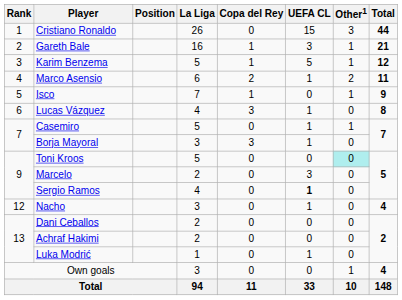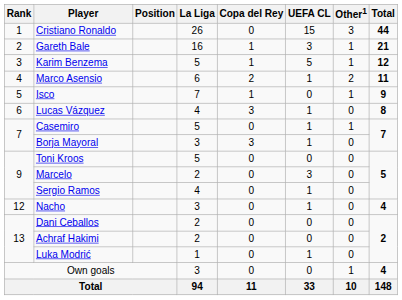 <table class="wikitable">
 <tr>
 <th>Rank</th>
 <th style="width:150px;">Player</th>
 <th>Position</th>
 <th>La Liga</th>
 <th>Copa del Rey</th>
 <th>UEFA CL</th>
 <th>Other<sup>1</sup></th>
 <th>Total</th>
 </tr>
 <tr>
 <td align=center>1</td>
 <td> <a href='#'>Cristiano Ronaldo</a></td>
 <td align=center></td>
 <td align=center>26</td>
 <td align=center>0</td>
 <td align=center>15</td>
 <td align=center>3</td>
 <td align=center><strong>44</strong></td>
 </tr>
 <tr>
 <td align=center>2</td>
 <td> <a href='#'>Gareth Bale</a></td>
 <td align=center></td>
 <td align=center>16</td>
 <td align=center>1</td>
 <td align=center>3</td>
 <td align=center>1</td>
 <td align=center><strong>21</strong></td>
 </tr>
 <tr>
 <td align=center>3</td>
 <td> <a href='#'>Karim Benzema</a></td>
 <td align=center></td>
 <td align=center>5</td>
 <td align=center>1</td>
 <td align=center>5</td>
 <td align=center>1</td>
 <td align=center><strong>12</strong></td>
 </tr>
 <tr>
 <td align=center>4</td>
 <td> <a href='#'>Marco Asensio</a></td>
 <td align=center></td>
 <td align=center>6</td>
 <td align=center>2</td>
 <td align=center>1</td>
 <td align=center>2</td>
 <td align=center><strong>11</strong></td>
 </tr>
 <tr>
 <td align=center>5</td>
 <td> <a href='#'>Isco</a></td>
 <td align=center></td>
 <td align=center>7</td>
 <td align=center>1</td>
 <td align=center>0</td>
 <td align=center>1</td>
 <td align=center><strong>9</strong></td>
 </tr>
 <tr>
 <td align=center>6</td>
 <td> <a href='#'>Lucas Vázquez</a></td>
 <td align=center></td>
 <td align=center>4</td>
 <td align=center>3</td>
 <td align=center>1</td>
 <td align=center>0</td>
 <td align=center><strong>8</strong></td>
 </tr>
 <tr>
 <td align=center rowspan=2>7</td>
 <td> <a href='#'>Casemiro</a></td>
 <td align=center></td>
 <td align=center>5</td>
 <td align=center>0</td>
 <td align=center>1</td>
 <td align=center>1</td>
 <td align=center rowspan=2><strong>7</strong></td>
 </tr>
 <tr>
 <td> <a href='#'>Borja Mayoral</a></td>
 <td align=center></td>
 <td align=center>3</td>
 <td align=center>3</td>
 <td align=center>1</td>
 <td align=center>0</td>
 </tr>
 <tr>
 <td align=center rowspan=3>9</td>
 <td> <a href='#'>Toni Kroos</a></td>
 <td align=center></td>
 <td align=center>5</td>
 <td align=center>0</td>
 <td align=center>0</td>
-<td align=center style="background: paleturquoise;">0</td>
+<td align=center>0</td>
 <td align=center rowspan=3><strong>5</strong></td>
 </tr>
 <tr>
 <td> <a href='#'>Marcelo</a></td>
 <td align=center></td>
 <td align=center>2</td>
 <td align=center>0</td>
 <td align=center>3</td>
 <td align=center>0</td>
 </tr>
 <tr>
 <td> <a href='#'>Sergio Ramos</a></td>
 <td align=center></td>
 <td align=center>4</td>
 <td align=center>0</td>
-<td align=center><strong>1</strong></td>
+<td align=center>1</td>
 <td align=center>0</td>
 </tr>
 <tr>
 <td align=center>12</td>
 <td> <a href='#'>Nacho</a></td>
 <td align=center></td>
 <td align=center>3</td>
 <td align=center>0</td>
 <td align=center>1</td>
 <td align=center>0</td>
 <td align=center><strong>4</strong></td>
 </tr>
 <tr>
 <td align=center rowspan=3>13</td>
 <td> <a href='#'>Dani Ceballos</a></td>
 <td align=center></td>
 <td align=center>2</td>
 <td align=center>0</td>
 <td align=center>0</td>
 <td align=center>0</td>
 <td align=center rowspan=3><strong>2</strong></td>
 </tr>
 <tr>
 <td> <a href='#'>Achraf Hakimi</a></td>
 <td align=center></td>
 <td align=center>2</td>
 <td align=center>0</td>
 <td align=center>0</td>
 <td align=center>0</td>
 </tr>
 <tr>
 <td> <a href='#'>Luka Modrić</a></td>
 <td align=center></td>
 <td align=center>1</td>
 <td align=center>0</td>
 <td align=center>1</td>
 <td align=center>0</td>
 </tr>
 <tr>
 <td colspan=3 align=center>Own goals</td>
 <td align=center>3</td>
 <td align=center>0</td>
 <td align=center>0</td>
 <td align=center>1</td>
 <td align=center><strong>4</strong></td>
 </tr>
 <tr>
 <th align=center colspan=3>Total</th>
 <th align=center>94</th>
 <th align=center>11</th>
 <th align=center>33</th>
 <th align=center>10</th>
 <th align=center>148</th>
 </tr>
 </table>
